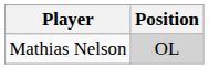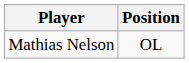 <table class="wikitable" style="text-align: center">
 <tr align=center>
 <th>Player</th>
 <th>Position</th>
 </tr>
 <tr>
 <td>Mathias Nelson</td>
-<td style="background: lightgrey;">OL</td>
+<td>OL</td>
 </tr>
 </table>
